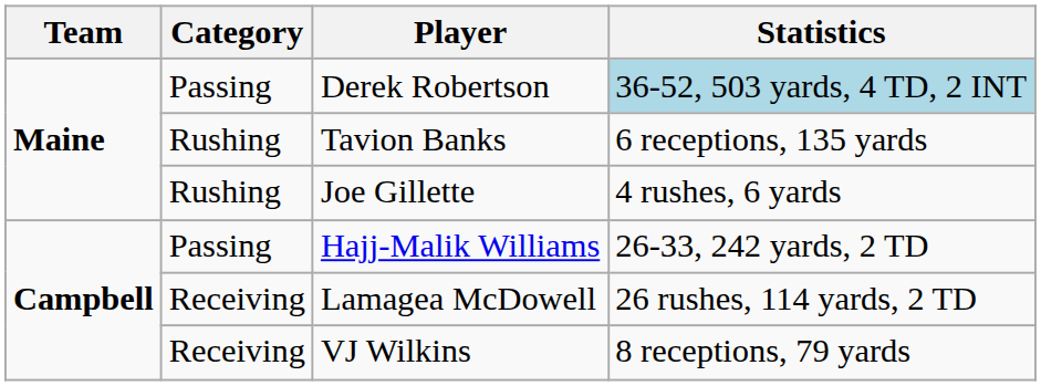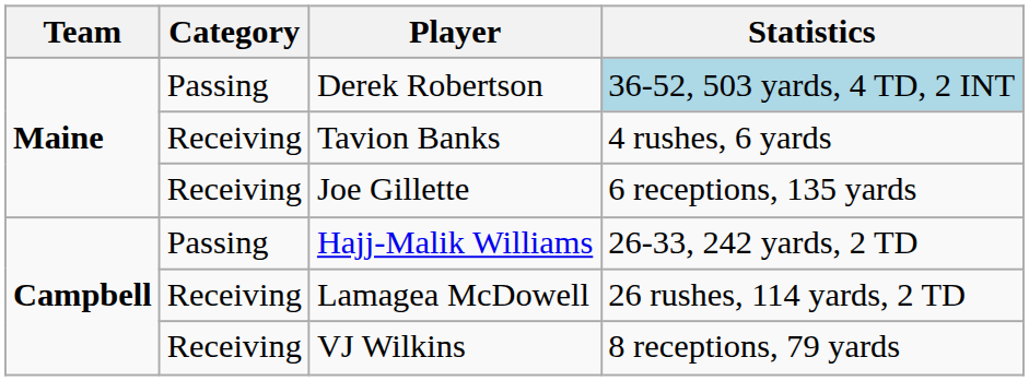 <table class="wikitable" style="float: left;">
 <tr>
 <th>Team</th>
 <th>Category</th>
 <th>Player</th>
 <th>Statistics</th>
 </tr>
 <tr>
 <td rowspan=3><strong>Maine</strong></td>
 <td>Passing</td>
 <td>Derek Robertson</td>
 <td style="background: lightblue;">36-52, 503 yards, 4 TD, 2 INT</td>
 </tr>
 <tr>
-<td>Rushing</td>
+<td>Receiving</td>
 <td>Tavion Banks</td>
-<td>6 receptions, 135 yards</td>
+<td>4 rushes, 6 yards</td>
 </tr>
 <tr>
-<td>Rushing</td>
+<td>Receiving</td>
 <td>Joe Gillette</td>
-<td>4 rushes, 6 yards</td>
+<td>6 receptions, 135 yards</td>
 </tr>
 <tr>
 <td rowspan=3><strong>Campbell</strong></td>
 <td>Passing</td>
 <td><a href='#'>Hajj-Malik Williams</a></td>
 <td>26-33, 242 yards, 2 TD</td>
 </tr>
 <tr>
 <td>Receiving</td>
 <td>Lamagea McDowell</td>
 <td>26 rushes, 114 yards, 2 TD</td>
 </tr>
 <tr>
 <td>Receiving</td>
 <td>VJ Wilkins</td>
 <td>8 receptions, 79 yards</td>
 </tr>
 </table>
